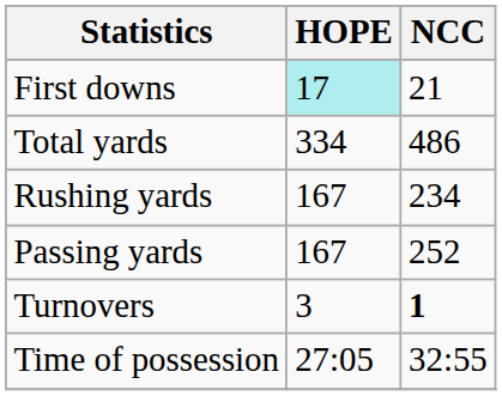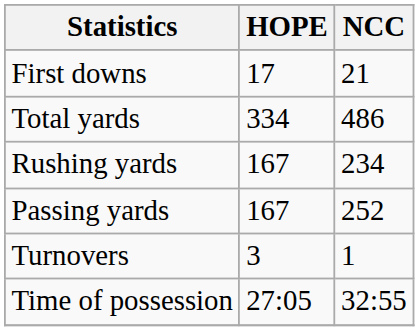 <table class="wikitable">
 <tr>
 <th>Statistics</th>
 <th>HOPE</th>
 <th>NCC</th>
 </tr>
 <tr>
 <td>First downs</td>
-<td style="background: paleturquoise;">17</td>
+<td>17</td>
 <td>21</td>
 </tr>
 <tr>
 <td>Total yards</td>
 <td>334</td>
 <td>486</td>
 </tr>
 <tr>
 <td>Rushing yards</td>
 <td>167</td>
 <td>234</td>
 </tr>
 <tr>
 <td>Passing yards</td>
 <td>167</td>
 <td>252</td>
 </tr>
 <tr>
 <td>Turnovers</td>
 <td>3</td>
-<td><strong>1</strong></td>
+<td>1</td>
 </tr>
 <tr>
 <td>Time of possession</td>
 <td>27:05</td>
 <td>32:55</td>
 </tr>
 <tr>
 </tr>
 </table>
